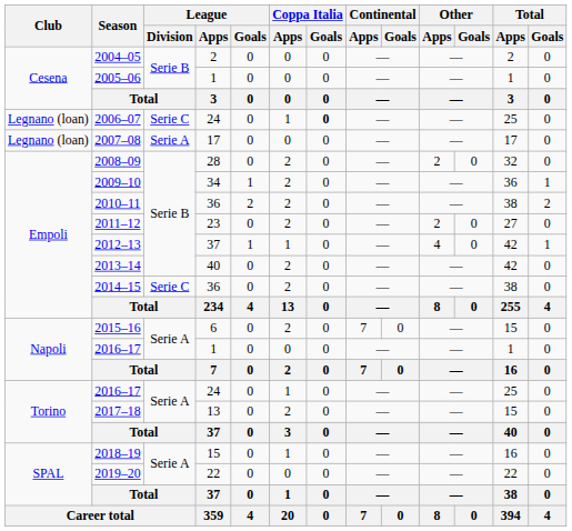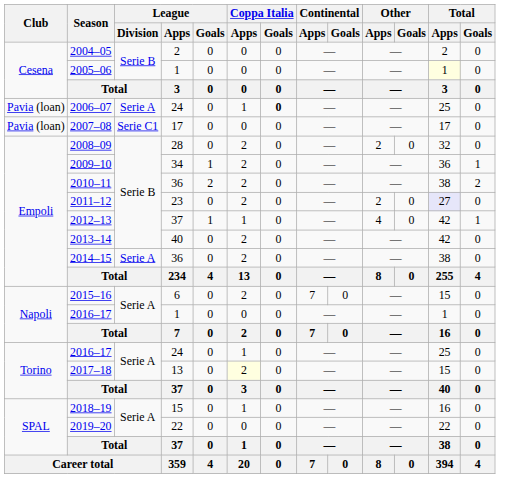 <table class="wikitable" style="text-align: center;">
 <tr>
 <th rowspan="2">Club</th>
 <th rowspan="2">Season</th>
 <th colspan="3">League</th>
 <th colspan="2"><a href='#'>Coppa Italia</a></th>
 <th colspan="2">Continental</th>
 <th colspan="2">Other</th>
 <th colspan="2">Total</th>
 </tr>
 <tr>
 <th>Division</th>
 <th>Apps</th>
 <th>Goals</th>
 <th>Apps</th>
 <th>Goals</th>
 <th>Apps</th>
 <th>Goals</th>
 <th>Apps</th>
 <th>Goals</th>
 <th>Apps</th>
 <th>Goals</th>
 </tr>
 <tr>
 <td rowspan="3"><a href='#'>Cesena</a></td>
 <td><a href='#'>2004–05</a></td>
 <td rowspan="2"><a href='#'>Serie B</a></td>
 <td>2</td>
 <td>0</td>
 <td>0</td>
 <td>0</td>
 <td colspan="2“">—</td>
 <td colspan="2“">—</td>
 <td>2</td>
 <td>0</td>
 </tr>
 <tr>
 <td><a href='#'>2005–06</a></td>
 <td>1</td>
 <td>0</td>
 <td>0</td>
 <td>0</td>
 <td colspan="2“">—</td>
 <td colspan="2“">—</td>
-<td>1</td>
+<td style="background: lightyellow;">1</td>
 <td>0</td>
 </tr>
 <tr>
 <th colspan="2">Total</th>
 <th>3</th>
 <th>0</th>
 <th>0</th>
 <th>0</th>
 <th colspan="2“">—</th>
 <th colspan="2“">—</th>
 <th>3</th>
 <th>0</th>
 </tr>
 <tr>
-<td><a href='#'>Legnano</a> (loan)</td>
+<td><a href='#'>Pavia</a> (loan)</td>
 <td><a href='#'>2006–07</a></td>
-<td><a href='#'>Serie C</a></td>
+<td><a href='#'>Serie A</a></td>
 <td>24</td>
 <td>0</td>
 <td>1</td>
 <td><strong>0</strong></td>
 <td colspan="2“">—</td>
 <td colspan="2“">—</td>
 <td>25</td>
 <td>0</td>
 </tr>
 <tr>
-<td><a href='#'>Legnano</a> (loan)</td>
+<td><a href='#'>Pavia</a> (loan)</td>
 <td><a href='#'>2007–08</a></td>
-<td><a href='#'>Serie A</a></td>
+<td><a href='#'>Serie C1</a></td>
 <td>17</td>
 <td>0</td>
 <td>0</td>
 <td>0</td>
 <td colspan="2“">—</td>
 <td colspan="2“">—</td>
 <td>17</td>
 <td>0</td>
 </tr>
 <tr>
 <td rowspan="8"><a href='#'>Empoli</a></td>
 <td><a href='#'>2008–09</a></td>
 <td rowspan="6">Serie B</td>
 <td>28</td>
 <td>0</td>
 <td>2</td>
 <td>0</td>
 <td colspan="2“">—</td>
 <td>2</td>
 <td>0</td>
 <td>32</td>
 <td>0</td>
 </tr>
 <tr>
 <td><a href='#'>2009–10</a></td>
 <td>34</td>
 <td>1</td>
 <td>2</td>
 <td>0</td>
 <td colspan="2“">—</td>
 <td colspan="2“">—</td>
 <td>36</td>
 <td>1</td>
 </tr>
 <tr>
 <td><a href='#'>2010–11</a></td>
 <td>36</td>
 <td>2</td>
 <td>2</td>
 <td>0</td>
 <td colspan="2“">—</td>
 <td colspan="2“">—</td>
 <td>38</td>
 <td>2</td>
 </tr>
 <tr>
 <td><a href='#'>2011–12</a></td>
 <td>23</td>
 <td>0</td>
 <td>2</td>
 <td>0</td>
 <td colspan="2“">—</td>
 <td>2</td>
 <td>0</td>
-<td>27</td>
+<td style="background: lavender;">27</td>
 <td>0</td>
 </tr>
 <tr>
 <td><a href='#'>2012–13</a></td>
 <td>37</td>
 <td>1</td>
 <td>1</td>
 <td>0</td>
 <td colspan="2“">—</td>
 <td>4</td>
 <td>0</td>
 <td>42</td>
 <td>1</td>
 </tr>
 <tr>
 <td><a href='#'>2013–14</a></td>
 <td>40</td>
 <td>0</td>
 <td>2</td>
 <td>0</td>
 <td colspan="2“">—</td>
 <td colspan="2“">—</td>
 <td>42</td>
 <td>0</td>
 </tr>
 <tr>
 <td><a href='#'>2014–15</a></td>
-<td><a href='#'>Serie C</a></td>
+<td><a href='#'>Serie A</a></td>
 <td>36</td>
 <td>0</td>
 <td>2</td>
 <td>0</td>
 <td colspan="2“">—</td>
 <td colspan="2“">—</td>
 <td>38</td>
 <td>0</td>
 </tr>
 <tr>
 <th colspan="2">Total</th>
 <th>234</th>
 <th>4</th>
 <th>13</th>
 <th>0</th>
 <th colspan="2“">—</th>
 <th>8</th>
 <th>0</th>
 <th>255</th>
 <th>4</th>
 </tr>
 <tr>
 <td rowspan="3"><a href='#'>Napoli</a></td>
 <td><a href='#'>2015–16</a></td>
 <td rowspan="2">Serie A</td>
 <td>6</td>
 <td>0</td>
 <td>2</td>
 <td>0</td>
 <td>7</td>
 <td>0</td>
 <td colspan="2“">—</td>
 <td>15</td>
 <td>0</td>
 </tr>
 <tr>
 <td><a href='#'>2016–17</a></td>
 <td>1</td>
 <td>0</td>
 <td>0</td>
 <td>0</td>
 <td colspan="2“">—</td>
 <td colspan="2“">—</td>
 <td>1</td>
 <td>0</td>
 </tr>
 <tr>
 <th colspan="2">Total</th>
 <th>7</th>
 <th>0</th>
 <th>2</th>
 <th>0</th>
 <th>7</th>
 <th>0</th>
 <th colspan="2“">—</th>
 <th>16</th>
 <th>0</th>
 </tr>
 <tr>
 <td rowspan="3"><a href='#'>Torino</a></td>
 <td><a href='#'>2016–17</a></td>
 <td rowspan="2">Serie A</td>
 <td>24</td>
 <td>0</td>
 <td>1</td>
 <td>0</td>
 <td colspan="2“">—</td>
 <td colspan="2“">—</td>
 <td>25</td>
 <td>0</td>
 </tr>
 <tr>
 <td><a href='#'>2017–18</a></td>
 <td>13</td>
 <td>0</td>
-<td>2</td>
+<td style="background: lightyellow;">2</td>
 <td>0</td>
 <td colspan="2“">—</td>
 <td colspan="2“">—</td>
 <td>15</td>
 <td>0</td>
 </tr>
 <tr>
 <th colspan="2">Total</th>
 <th>37</th>
 <th>0</th>
 <th>3</th>
 <th>0</th>
 <th colspan="2“">—</th>
 <th colspan="2“">—</th>
 <th>40</th>
 <th>0</th>
 </tr>
 <tr>
 <td rowspan="3"><a href='#'>SPAL</a></td>
 <td><a href='#'>2018–19</a></td>
 <td rowspan="2">Serie A</td>
 <td>15</td>
 <td>0</td>
 <td>1</td>
 <td>0</td>
 <td colspan="2“">—</td>
 <td colspan="2“">—</td>
 <td>16</td>
 <td>0</td>
 </tr>
 <tr>
 <td><a href='#'>2019–20</a></td>
 <td>22</td>
 <td>0</td>
 <td>0</td>
 <td>0</td>
 <td colspan="2“">—</td>
 <td colspan="2“">—</td>
 <td>22</td>
 <td>0</td>
 </tr>
 <tr>
 <th colspan="2">Total</th>
 <th>37</th>
 <th>0</th>
 <th>1</th>
 <th>0</th>
 <th colspan="2“">—</th>
 <th colspan="2“">—</th>
 <th>38</th>
 <th>0</th>
 </tr>
 <tr>
 <th colspan="3">Career total</th>
 <th>359</th>
 <th>4</th>
 <th>20</th>
 <th>0</th>
 <th>7</th>
 <th>0</th>
 <th>8</th>
 <th>0</th>
 <th>394</th>
 <th>4</th>
 </tr>
 </table>
